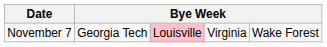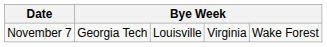 <table class="wikitable" style="font-size:95%;">
 <tr>
 <th>Date</th>
 <th colspan="4">Bye Week</th>
 </tr>
 <tr>
 <td>November 7</td>
 <td>Georgia Tech</td>
-<td style="background: pink;">Louisville</td>
+<td>Louisville</td>
 <td>Virginia</td>
 <td>Wake Forest</td>
 </tr>
 </table>
